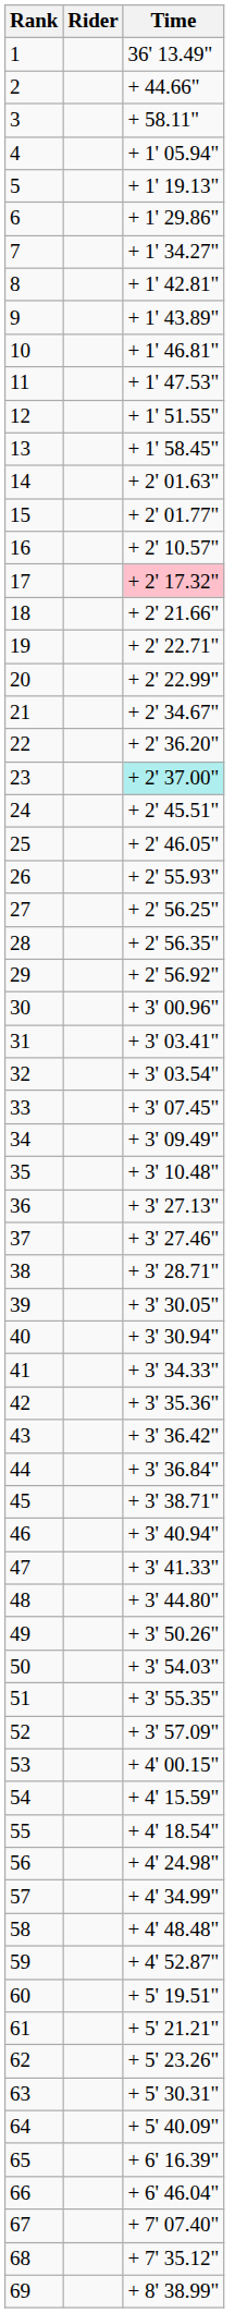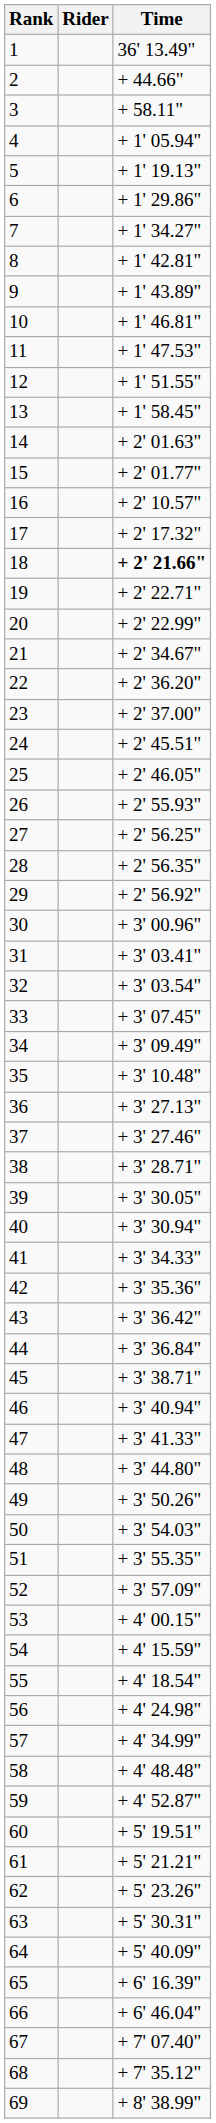 <table class="wikitable">
 <tr>
 <th>Rank</th>
 <th>Rider</th>
 <th>Time</th>
 </tr>
 <tr>
 <td>1</td>
 <td></td>
 <td>36' 13.49"</td>
 </tr>
 <tr>
 <td>2</td>
 <td></td>
 <td>+ 44.66"</td>
 </tr>
 <tr>
 <td>3</td>
 <td></td>
 <td>+ 58.11"</td>
 </tr>
 <tr>
 <td>4</td>
 <td></td>
 <td>+ 1' 05.94"</td>
 </tr>
 <tr>
 <td>5</td>
 <td></td>
 <td>+ 1' 19.13"</td>
 </tr>
 <tr>
 <td>6</td>
 <td></td>
 <td>+ 1' 29.86"</td>
 </tr>
 <tr>
 <td>7</td>
 <td></td>
 <td>+ 1' 34.27"</td>
 </tr>
 <tr>
 <td>8</td>
 <td></td>
 <td>+ 1' 42.81"</td>
 </tr>
 <tr>
 <td>9</td>
 <td></td>
 <td>+ 1' 43.89"</td>
 </tr>
 <tr>
 <td>10</td>
 <td></td>
 <td>+ 1' 46.81"</td>
 </tr>
 <tr>
 <td>11</td>
 <td></td>
 <td>+ 1' 47.53"</td>
 </tr>
 <tr>
 <td>12</td>
 <td></td>
 <td>+ 1' 51.55"</td>
 </tr>
 <tr>
 <td>13</td>
 <td></td>
 <td>+ 1' 58.45"</td>
 </tr>
 <tr>
 <td>14</td>
 <td></td>
 <td>+ 2' 01.63"</td>
 </tr>
 <tr>
 <td>15</td>
 <td></td>
 <td>+ 2' 01.77"</td>
 </tr>
 <tr>
 <td>16</td>
 <td></td>
 <td>+ 2' 10.57"</td>
 </tr>
 <tr>
 <td>17</td>
 <td></td>
-<td style="background: pink;">+ 2' 17.32"</td>
+<td>+ 2' 17.32"</td>
 </tr>
 <tr>
 <td>18</td>
 <td></td>
-<td>+ 2' 21.66"</td>
+<td><strong>+ 2' 21.66"</strong></td>
 </tr>
 <tr>
 <td>19</td>
 <td></td>
 <td>+ 2' 22.71"</td>
 </tr>
 <tr>
 <td>20</td>
 <td></td>
 <td>+ 2' 22.99"</td>
 </tr>
 <tr>
 <td>21</td>
 <td></td>
 <td>+ 2' 34.67"</td>
 </tr>
 <tr>
 <td>22</td>
 <td></td>
 <td>+ 2' 36.20"</td>
 </tr>
 <tr>
 <td>23</td>
 <td></td>
-<td style="background: paleturquoise;">+ 2' 37.00"</td>
+<td>+ 2' 37.00"</td>
 </tr>
 <tr>
 <td>24</td>
 <td></td>
 <td>+ 2' 45.51"</td>
 </tr>
 <tr>
 <td>25</td>
 <td></td>
 <td>+ 2' 46.05"</td>
 </tr>
 <tr>
 <td>26</td>
 <td></td>
 <td>+ 2' 55.93"</td>
 </tr>
 <tr>
 <td>27</td>
 <td></td>
 <td>+ 2' 56.25"</td>
 </tr>
 <tr>
 <td>28</td>
 <td></td>
 <td>+ 2' 56.35"</td>
 </tr>
 <tr>
 <td>29</td>
 <td></td>
 <td>+ 2' 56.92"</td>
 </tr>
 <tr>
 <td>30</td>
 <td></td>
 <td>+ 3' 00.96"</td>
 </tr>
 <tr>
 <td>31</td>
 <td></td>
 <td>+ 3' 03.41"</td>
 </tr>
 <tr>
 <td>32</td>
 <td></td>
 <td>+ 3' 03.54"</td>
 </tr>
 <tr>
 <td>33</td>
 <td></td>
 <td>+ 3' 07.45"</td>
 </tr>
 <tr>
 <td>34</td>
 <td></td>
 <td>+ 3' 09.49"</td>
 </tr>
 <tr>
 <td>35</td>
 <td></td>
 <td>+ 3' 10.48"</td>
 </tr>
 <tr>
 <td>36</td>
 <td></td>
 <td>+ 3' 27.13"</td>
 </tr>
 <tr>
 <td>37</td>
 <td></td>
 <td>+ 3' 27.46"</td>
 </tr>
 <tr>
 <td>38</td>
 <td></td>
 <td>+ 3' 28.71"</td>
 </tr>
 <tr>
 <td>39</td>
 <td></td>
 <td>+ 3' 30.05"</td>
 </tr>
 <tr>
 <td>40</td>
 <td></td>
 <td>+ 3' 30.94"</td>
 </tr>
 <tr>
 <td>41</td>
 <td></td>
 <td>+ 3' 34.33"</td>
 </tr>
 <tr>
 <td>42</td>
 <td></td>
 <td>+ 3' 35.36"</td>
 </tr>
 <tr>
 <td>43</td>
 <td></td>
 <td>+ 3' 36.42"</td>
 </tr>
 <tr>
 <td>44</td>
 <td></td>
 <td>+ 3' 36.84"</td>
 </tr>
 <tr>
 <td>45</td>
 <td></td>
 <td>+ 3' 38.71"</td>
 </tr>
 <tr>
 <td>46</td>
 <td></td>
 <td>+ 3' 40.94"</td>
 </tr>
 <tr>
 <td>47</td>
 <td></td>
 <td>+ 3' 41.33"</td>
 </tr>
 <tr>
 <td>48</td>
 <td></td>
 <td>+ 3' 44.80"</td>
 </tr>
 <tr>
 <td>49</td>
 <td></td>
 <td>+ 3' 50.26"</td>
 </tr>
 <tr>
 <td>50</td>
 <td></td>
 <td>+ 3' 54.03"</td>
 </tr>
 <tr>
 <td>51</td>
 <td></td>
 <td>+ 3' 55.35"</td>
 </tr>
 <tr>
 <td>52</td>
 <td></td>
 <td>+ 3' 57.09"</td>
 </tr>
 <tr>
 <td>53</td>
 <td></td>
 <td>+ 4' 00.15"</td>
 </tr>
 <tr>
 <td>54</td>
 <td></td>
 <td>+ 4' 15.59"</td>
 </tr>
 <tr>
 <td>55</td>
 <td></td>
 <td>+ 4' 18.54"</td>
 </tr>
 <tr>
 <td>56</td>
 <td></td>
 <td>+ 4' 24.98"</td>
 </tr>
 <tr>
 <td>57</td>
 <td></td>
 <td>+ 4' 34.99"</td>
 </tr>
 <tr>
 <td>58</td>
 <td></td>
 <td>+ 4' 48.48"</td>
 </tr>
 <tr>
 <td>59</td>
 <td></td>
 <td>+ 4' 52.87"</td>
 </tr>
 <tr>
 <td>60</td>
 <td></td>
 <td>+ 5' 19.51"</td>
 </tr>
 <tr>
 <td>61</td>
 <td></td>
 <td>+ 5' 21.21"</td>
 </tr>
 <tr>
 <td>62</td>
 <td></td>
 <td>+ 5' 23.26"</td>
 </tr>
 <tr>
 <td>63</td>
 <td></td>
 <td>+ 5' 30.31"</td>
 </tr>
 <tr>
 <td>64</td>
 <td></td>
 <td>+ 5' 40.09"</td>
 </tr>
 <tr>
 <td>65</td>
 <td></td>
 <td>+ 6' 16.39"</td>
 </tr>
 <tr>
 <td>66</td>
 <td></td>
 <td>+ 6' 46.04"</td>
 </tr>
 <tr>
 <td>67</td>
 <td></td>
 <td>+ 7' 07.40"</td>
 </tr>
 <tr>
 <td>68</td>
 <td></td>
 <td>+ 7' 35.12"</td>
 </tr>
 <tr>
 <td>69</td>
 <td></td>
 <td>+ 8' 38.99"</td>
 </tr>
 </table>
